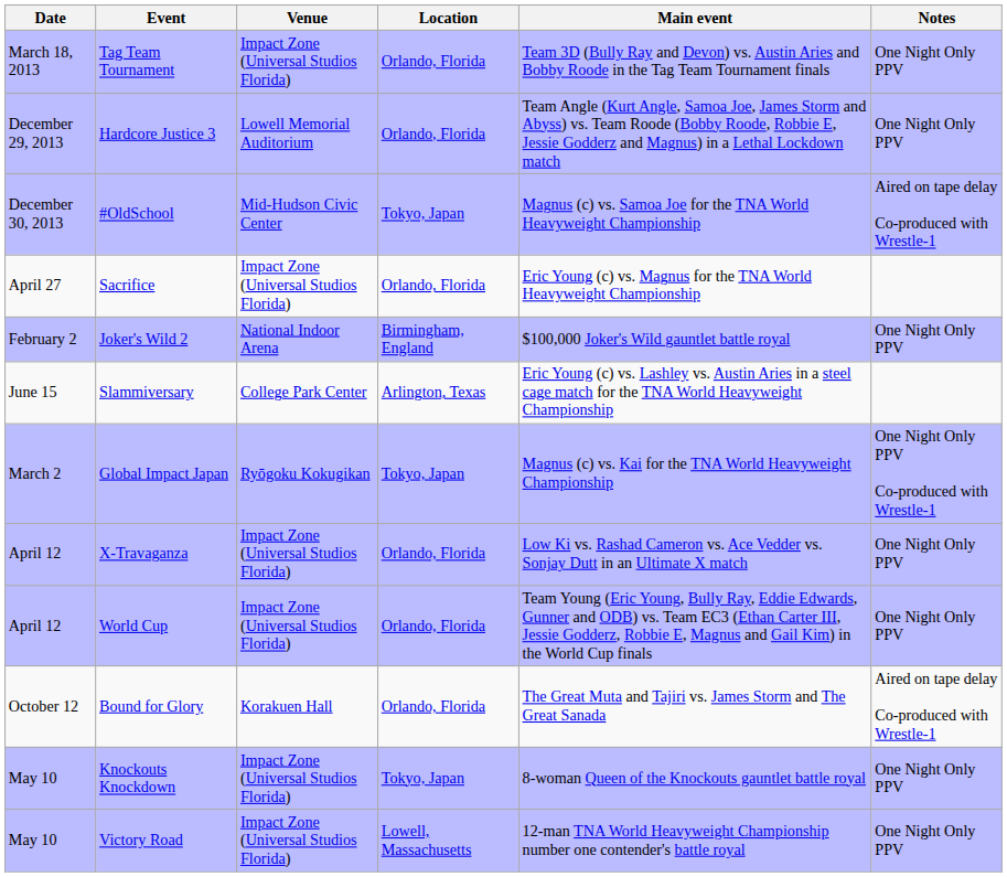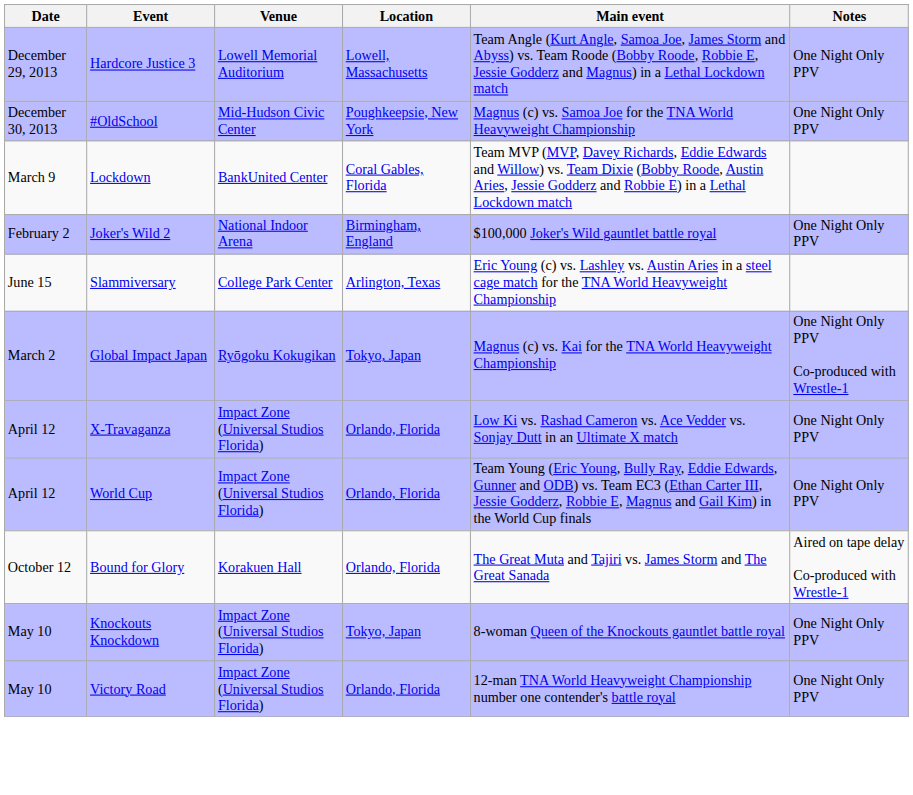 <table class="sortable wikitable succession-box" style="font-size:85%;">
 <tr>
 <th width=9%>Date</th>
 <th width="14%">Event</th>
 <th width=14%>Venue</th>
 <th width=14%>Location</th>
 <th width=35%>Main event</th>
 <th width=13%>Notes</th>
 </tr>
 <tr style="background: #BBF">
-<td>March 18, 2013<br></td>
-<td><a href='#'>Tag Team Tournament</a></td>
-<td><a href='#'>Impact Zone</a> (<a href='#'>Universal Studios Florida</a>)</td>
-<td><a href='#'>Orlando, Florida</a></td>
-<td><a href='#'>Team 3D</a> (<a href='#'>Bully Ray</a> and <a href='#'>Devon</a>) vs. <a href='#'>Austin Aries</a> and <a href='#'>Bobby Roode</a> in the Tag Team Tournament finals</td>
-<td>One Night Only PPV</td>
-</tr>
-<tr style="background: #BBF">
 <td>December 29, 2013<br></td>
 <td><a href='#'>Hardcore Justice 3</a></td>
 <td><a href='#'>Lowell Memorial Auditorium</a></td>
-<td><a href='#'>Orlando, Florida</a></td>
+<td><a href='#'>Lowell, Massachusetts</a></td>
 <td>Team Angle (<a href='#'>Kurt Angle</a>, <a href='#'>Samoa Joe</a>, <a href='#'>James Storm</a> and <a href='#'>Abyss</a>) vs. Team Roode (<a href='#'>Bobby Roode</a>, <a href='#'>Robbie E</a>, <a href='#'>Jessie Godderz</a> and <a href='#'>Magnus</a>) in a <a href='#'>Lethal Lockdown match</a></td>
 <td>One Night Only PPV</td>
 </tr>
 <tr style="background: #BBF">
 <td>December 30, 2013<br></td>
 <td><a href='#'>#OldSchool</a></td>
 <td><a href='#'>Mid-Hudson Civic Center</a></td>
-<td><a href='#'>Tokyo, Japan</a></td>
+<td><a href='#'>Poughkeepsie, New York</a></td>
 <td><a href='#'>Magnus</a> (c) vs. <a href='#'>Samoa Joe</a> for the <a href='#'>TNA World Heavyweight Championship</a></td>
-<td>Aired on tape delay<br><br>Co-produced with <a href='#'>Wrestle-1</a></td>
+<td>One Night Only PPV</td>
 </tr>
 <tr>
-<td>April 27</td>
-<td><a href='#'>Sacrifice</a></td>
-<td><a href='#'>Impact Zone</a> (<a href='#'>Universal Studios Florida</a>)</td>
-<td><a href='#'>Orlando, Florida</a></td>
-<td><a href='#'>Eric Young</a> (c) vs. <a href='#'>Magnus</a> for the <a href='#'>TNA World Heavyweight Championship</a></td>
+<td>March 9</td>
+<td><a href='#'>Lockdown</a></td>
+<td><a href='#'>BankUnited Center</a></td>
+<td><a href='#'>Coral Gables, Florida</a></td>
+<td>Team MVP (<a href='#'>MVP</a>, <a href='#'>Davey Richards</a>, <a href='#'>Eddie Edwards</a> and <a href='#'>Willow</a>) vs. <a href='#'>Team Dixie</a> (<a href='#'>Bobby Roode</a>, <a href='#'>Austin Aries</a>, <a href='#'>Jessie Godderz</a> and <a href='#'>Robbie E</a>) in a <a href='#'>Lethal Lockdown match</a></td>
 <td></td>
 </tr>
 <tr style="background: #BBF">
 <td>February 2<br></td>
 <td><a href='#'>Joker's Wild 2</a></td>
 <td><a href='#'>National Indoor Arena</a></td>
 <td><a href='#'>Birmingham, England</a></td>
 <td>$100,000 <a href='#'>Joker's Wild gauntlet battle royal</a></td>
 <td>One Night Only PPV</td>
 </tr>
 <tr>
 <td>June 15</td>
 <td><a href='#'>Slammiversary</a></td>
 <td><a href='#'>College Park Center</a></td>
 <td><a href='#'>Arlington, Texas</a></td>
 <td><a href='#'>Eric Young</a> (c) vs. <a href='#'>Lashley</a> vs. <a href='#'>Austin Aries</a> in a <a href='#'>steel cage match</a> for the <a href='#'>TNA World Heavyweight Championship</a></td>
 <td></td>
 </tr>
 <tr style="background: #BBF">
 <td>March 2<br></td>
 <td><a href='#'>Global Impact Japan</a></td>
 <td><a href='#'>Ryōgoku Kokugikan</a></td>
 <td><a href='#'>Tokyo, Japan</a></td>
 <td><a href='#'>Magnus</a> (c) vs. <a href='#'>Kai</a> for the <a href='#'>TNA World Heavyweight Championship</a></td>
 <td>One Night Only PPV<br><br>Co-produced with <a href='#'>Wrestle-1</a></td>
 </tr>
 <tr style="background: #BBF">
 <td>April 12<br></td>
 <td><a href='#'>X-Travaganza</a></td>
 <td><a href='#'>Impact Zone</a> (<a href='#'>Universal Studios Florida</a>)</td>
 <td><a href='#'>Orlando, Florida</a></td>
 <td><a href='#'>Low Ki</a> vs. <a href='#'>Rashad Cameron</a> vs. <a href='#'>Ace Vedder</a> vs. <a href='#'>Sonjay Dutt</a>	in an <a href='#'>Ultimate X match</a></td>
 <td>One Night Only PPV</td>
 </tr>
 <tr style="background: #BBF">
 <td>April 12<br></td>
 <td><a href='#'>World Cup</a></td>
 <td><a href='#'>Impact Zone</a> (<a href='#'>Universal Studios Florida</a>)</td>
 <td><a href='#'>Orlando, Florida</a></td>
 <td>Team Young (<a href='#'>Eric Young</a>, <a href='#'>Bully Ray</a>, <a href='#'>Eddie Edwards</a>, <a href='#'>Gunner</a> and <a href='#'>ODB</a>) vs. Team EC3 (<a href='#'>Ethan Carter III</a>, <a href='#'>Jessie Godderz</a>, <a href='#'>Robbie E</a>, <a href='#'>Magnus</a> and <a href='#'>Gail Kim</a>) in the World Cup finals</td>
 <td>One Night Only PPV</td>
 </tr>
 <tr>
 <td>October 12</td>
 <td><a href='#'>Bound for Glory</a></td>
 <td><a href='#'>Korakuen Hall</a></td>
 <td><a href='#'>Orlando, Florida</a></td>
 <td><a href='#'>The Great Muta</a> and <a href='#'>Tajiri</a> vs. <a href='#'>James Storm</a>  and <a href='#'>The Great Sanada</a></td>
 <td>Aired on tape delay<br><br>Co-produced with <a href='#'>Wrestle-1</a></td>
 </tr>
 <tr style="background: #BBF">
 <td>May 10<br></td>
 <td><a href='#'>Knockouts Knockdown</a></td>
 <td><a href='#'>Impact Zone</a> (<a href='#'>Universal Studios Florida</a>)</td>
 <td><a href='#'>Tokyo, Japan</a></td>
 <td>8-woman <a href='#'>Queen of the Knockouts gauntlet battle royal</a></td>
 <td>One Night Only PPV</td>
 </tr>
 <tr style="background: #BBF">
 <td>May 10<br></td>
 <td><a href='#'>Victory Road</a></td>
 <td><a href='#'>Impact Zone</a> (<a href='#'>Universal Studios Florida</a>)</td>
-<td><a href='#'>Lowell, Massachusetts</a></td>
+<td><a href='#'>Orlando, Florida</a></td>
 <td>12-man <a href='#'>TNA World Heavyweight Championship</a> number one contender's <a href='#'>battle royal</a></td>
 <td>One Night Only PPV</td>
 </tr>
 </table>
